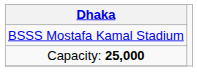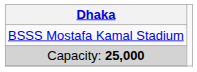 <table class="wikitable" style="text-align:center; margin:0.2em auto;">
 <tr>
 <th><a href='#'>Dhaka</a></th>
 <td rowspan="4"></td>
 </tr>
 <tr>
 <td><a href='#'>BSSS Mostafa Kamal Stadium</a></td>
 </tr>
 <tr>
-<td>Capacity: <strong>25,000</strong></td>
+<td style="background: lightgrey;">Capacity: <strong>25,000</strong></td>
 </tr>
 <tr>
 </tr>
 </table>
